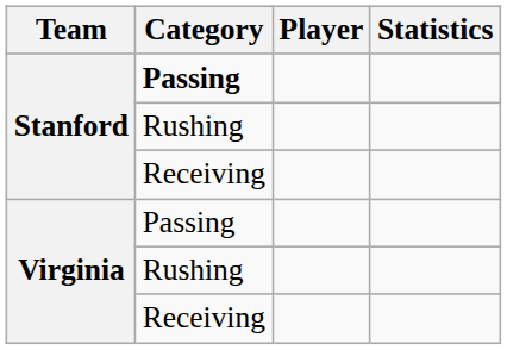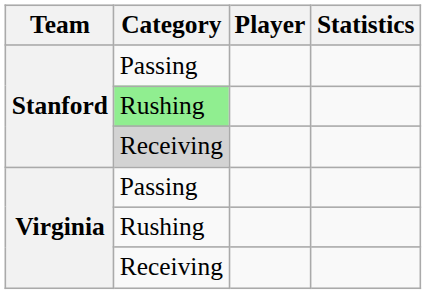 <table class="wikitable" style="float:right">
 <tr>
 <th>Team</th>
 <th>Category</th>
 <th>Player</th>
 <th>Statistics</th>
 </tr>
 <tr>
 <th rowspan=3>Stanford</th>
-<td><strong>Passing</strong></td>
+<td>Passing</td>
 <td></td>
 <td></td>
 </tr>
 <tr>
-<td>Rushing</td>
+<td style="background: lightgreen;">Rushing</td>
 <td></td>
 <td></td>
 </tr>
 <tr>
-<td>Receiving</td>
+<td style="background: lightgrey;">Receiving</td>
 <td></td>
 <td></td>
 </tr>
 <tr>
 <th rowspan=3>Virginia</th>
 <td>Passing</td>
 <td></td>
 <td></td>
 </tr>
 <tr>
 <td>Rushing</td>
 <td></td>
 <td></td>
 </tr>
 <tr>
 <td>Receiving</td>
 <td></td>
 <td></td>
 </tr>
 </table>
